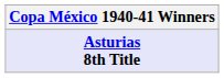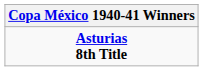 <table class="wikitable" style="text-align: center; margin: 0 auto;">
 <tr>
 <th><a href='#'>Copa México</a> 1940-41 Winners</th>
 </tr>
 <tr>
-<td style="background: lavender;"><strong><a href='#'>Asturias</a></strong><br><strong>8th Title</strong></td>
+<td><strong><a href='#'>Asturias</a></strong><br><strong>8th Title</strong></td>
 </tr>
 </table>
